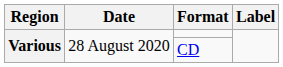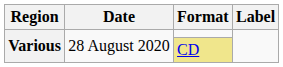 <table class="wikitable plainrowheaders">
 <tr>
 <th>Region</th>
 <th>Date</th>
 <th>Format</th>
 <th>Label</th>
 </tr>
 <tr>
 <th scope="row" rowspan="2">Various</th>
 <td rowspan="2">28 August 2020</td>
 <td></td>
 <td rowspan="2"></td>
 </tr>
 <tr>
-<td><a href='#'>CD</a></td>
+<td style="background: khaki;"><a href='#'>CD</a></td>
 </tr>
 </table>
